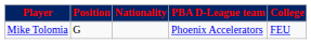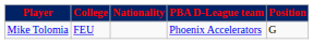 <table class="wikitable sortable sortable">
 <tr>
 <th style="background:#002366; color:#FE0003; ">Player</th>
-<th style="background:#002366; color:#FE0003; ">Position</th>
+<th style="background:#002366; color:#FE0003; ">College</th>
 <th style="background:#002366; color:#FE0003; ">Nationality</th>
 <th style="background:#002366; color:#FE0003; ">PBA D-League team</th>
-<th style="background:#002366; color:#FE0003; ">College</th>
+<th style="background:#002366; color:#FE0003; ">Position</th>
 </tr>
 <tr>
 <td><a href='#'>Mike Tolomia</a></td>
-<td>G</td>
+<td><a href='#'>FEU</a></td>
 <td></td>
 <td><a href='#'>Phoenix Accelerators</a></td>
-<td><a href='#'>FEU</a></td>
+<td>G</td>
 </tr>
 </table>
